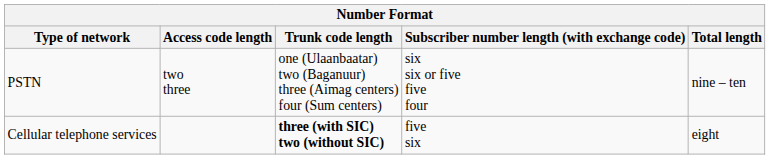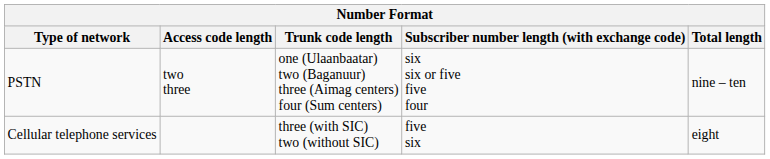 <table class="wikitable" border=1>
 <tr>
 <th colspan="5">Number Format</th>
 </tr>
 <tr>
 <th>Type of network</th>
 <th>Access code length</th>
 <th>Trunk code length</th>
 <th>Subscriber number length (with exchange code)</th>
 <th>Total length</th>
 </tr>
 <tr>
 <td>PSTN</td>
 <td>two<br>three</td>
 <td>one (Ulaanbaatar)<br>two (Baganuur)<br>three (Aimag centers)<br>four (Sum centers)</td>
 <td>six<br>six or five<br>five<br>four</td>
 <td>nine – ten</td>
 </tr>
 <tr>
 <td>Cellular telephone services</td>
 <td></td>
-<td><strong>three (with SIC)<br>two (without SIC)</strong></td>
+<td>three (with SIC)<br>two (without SIC)</td>
 <td>five<br>six</td>
 <td>eight</td>
 </tr>
 </table>
